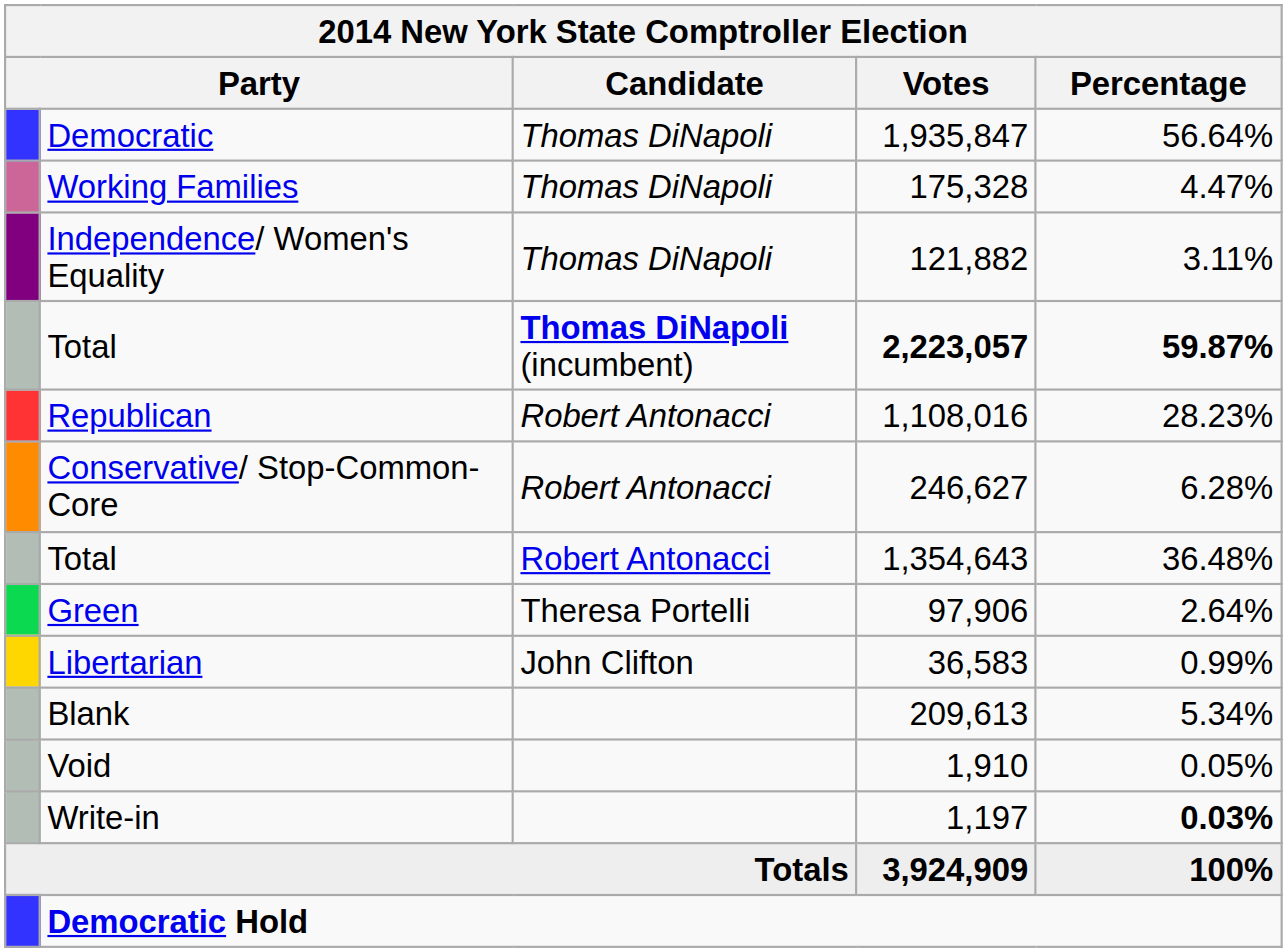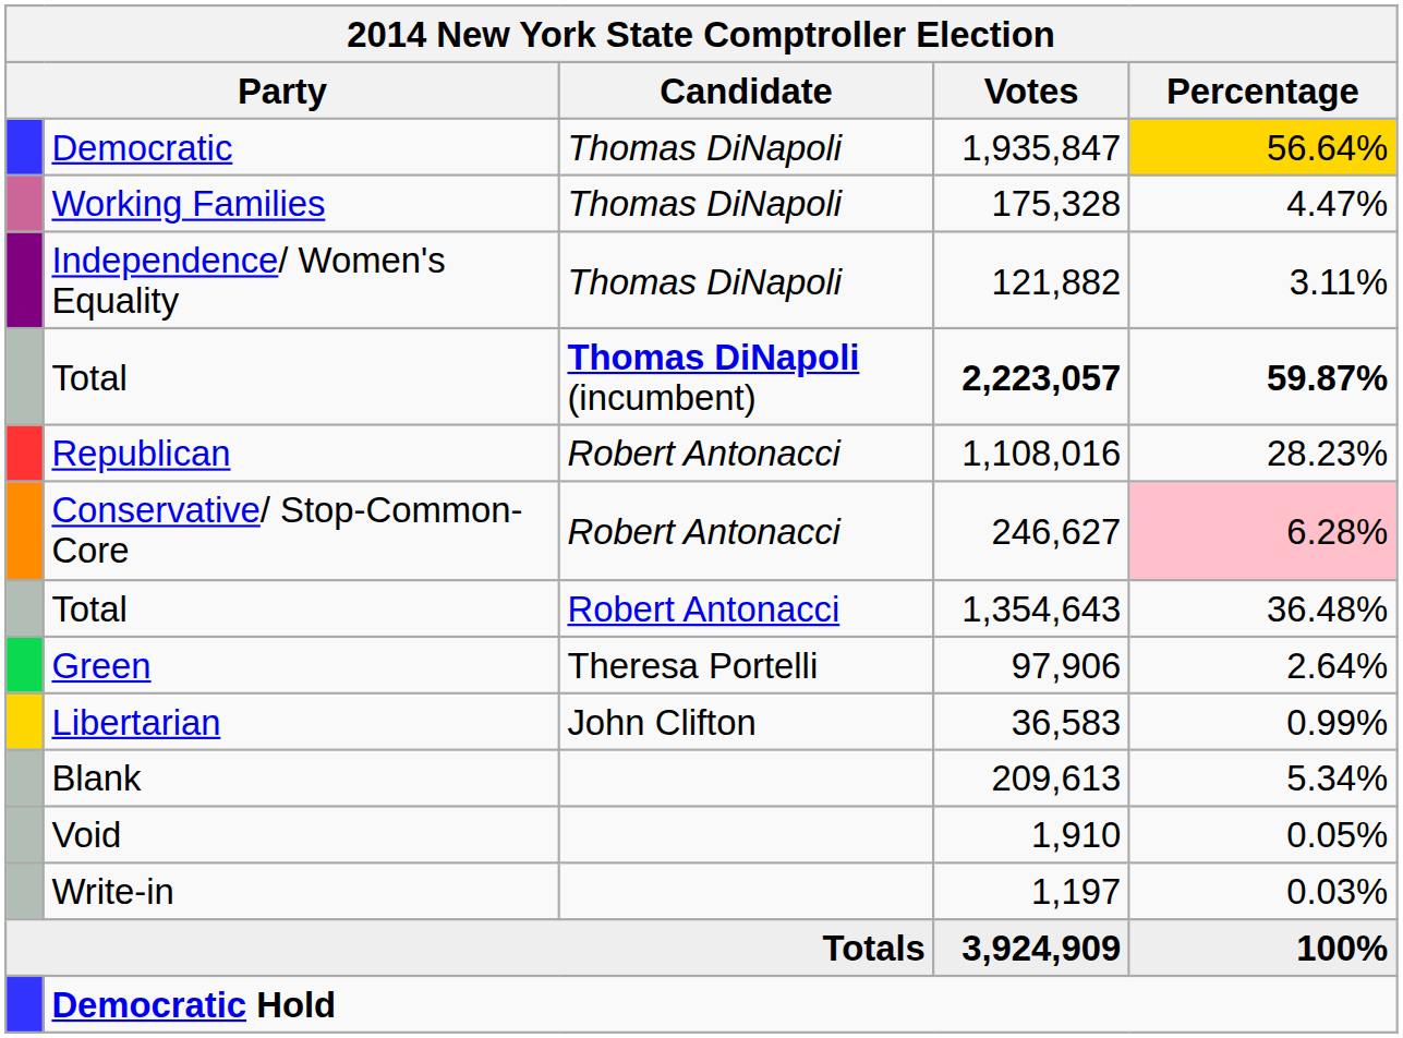 <table class="wikitable" style="font-size:95%;">
 <tr>
 <th colspan="5">2014 New York State Comptroller Election</th>
 </tr>
 <tr>
 <th colspan="2" style="width: 15em">Party</th>
 <th style="width: 10em">Candidate</th>
 <th style="width: 5em">Votes</th>
 <th style="width: 7em">Percentage</th>
 </tr>
 <tr>
 <th style="background-color:#3333FF; width: 3px"></th>
 <td style="width: 130px"><a href='#'>Democratic</a></td>
 <td><em>Thomas DiNapoli</em></td>
 <td align="right">1,935,847</td>
-<td align="right">56.64%</td>
+<td align="right" style="background: gold;">56.64%</td>
 </tr>
 <tr>
 <th style="background-color:#CC6699; width: 3px"></th>
 <td style="width: 130px"><a href='#'>Working Families</a></td>
 <td><em>Thomas DiNapoli</em></td>
 <td align="right">175,328</td>
 <td align="right">4.47%</td>
 </tr>
 <tr>
 <th style="background-color:#800080; width: 3px"></th>
 <td style="width: 130px"><a href='#'>Independence</a>/ Women's Equality</td>
 <td><em>Thomas DiNapoli</em></td>
 <td align="right">121,882</td>
 <td align="right">3.11%</td>
 </tr>
 <tr>
 <th style="background-color:#B2BEB5; width: 3px"></th>
 <td style="width: 130px">Total</td>
 <td><strong><a href='#'>Thomas DiNapoli</a></strong> (incumbent)</td>
 <td align="right"><strong>2,223,057</strong></td>
 <td align="right"><strong>59.87%</strong></td>
 </tr>
 <tr>
 <th style="background-color:#FF3333; width: 3px"></th>
 <td style="width: 130px"><a href='#'>Republican</a></td>
 <td><em>Robert Antonacci</em></td>
 <td align="right">1,108,016</td>
 <td align="right">28.23%</td>
 </tr>
 <tr>
 <th style="background-color:#FF8C00; width: 3px"></th>
 <td style="width: 130px"><a href='#'>Conservative</a>/ Stop-Common-Core</td>
 <td><em>Robert Antonacci</em></td>
 <td align="right">246,627</td>
-<td align="right">6.28%</td>
+<td align="right" style="background: pink;">6.28%</td>
 </tr>
 <tr>
 <th style="background-color:#B2BEB5; width: 3px"></th>
 <td style="width: 130px">Total</td>
 <td><a href='#'>Robert Antonacci</a></td>
 <td align="right">1,354,643</td>
 <td align="right">36.48%</td>
 </tr>
 <tr>
 <th style="background-color:#0BDA51; width: 3px"></th>
 <td style="width: 130px"><a href='#'>Green</a></td>
 <td>Theresa Portelli</td>
 <td align="right">97,906</td>
 <td align="right">2.64%</td>
 </tr>
 <tr>
 <th style="background-color:#FFD700; width: 3px"></th>
 <td style="width: 130px"><a href='#'>Libertarian</a></td>
 <td>John Clifton</td>
 <td align="right">36,583</td>
 <td align="right">0.99%</td>
 </tr>
 <tr>
 <th style="background-color:#B2BEB5; width: 3px"></th>
 <td style="width: 130px">Blank</td>
 <td align="right"></td>
 <td align="right">209,613</td>
 <td align="right">5.34%</td>
 </tr>
 <tr>
 <th style="background-color:#B2BEB5; width: 3px"></th>
 <td style="width: 130px">Void</td>
 <td align="right"></td>
 <td align="right">1,910</td>
 <td align="right">0.05%</td>
 </tr>
 <tr>
 <th style="background-color:#B2BEB5; width: 3px"></th>
 <td style="width: 130px">Write-in</td>
 <td align="right"></td>
 <td align="right">1,197</td>
-<td align="right"><strong>0.03%</strong></td>
+<td align="right">0.03%</td>
 </tr>
 <tr bgcolor="#EEEEEE">
 <td colspan="3" align="right"><strong>Totals</strong></td>
 <td align="right"><strong>3,924,909</strong></td>
 <td align="right"><strong>100%</strong></td>
 </tr>
 <tr>
 <th style="background-color:#3333FF; width: 3px"></th>
 <td colspan="5"><strong><a href='#'>Democratic</a> Hold</strong></td>
 </tr>
 </table>
